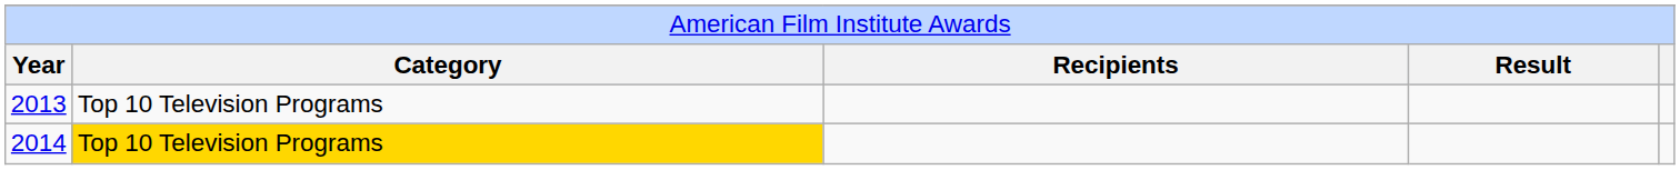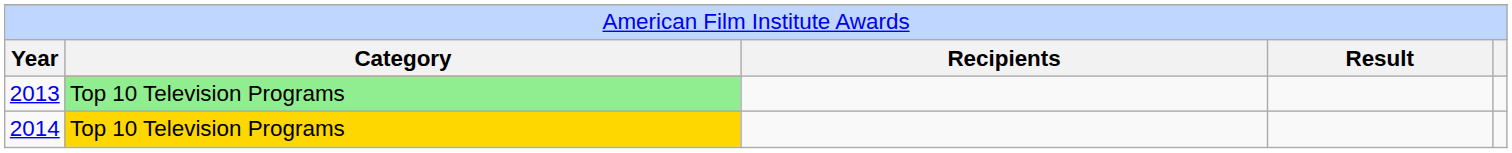 <table class="wikitable plainrowheaders" style="font-size: 100%; width:85%">
 <tr>
 </tr>
 <tr ---- bgcolor="#bfd7ff">
 <td colspan=6 align=center><a href='#'>American Film Institute Awards</a></td>
 </tr>
 <tr ---- bgcolor="#ebf5ff">
 <th scope="col" style="width:2%;">Year</th>
 <th scope="col" style="width:45%;">Category</th>
 <th scope="col" style="width:35%;">Recipients</th>
 <th scope="col" style="width:15%;">Result</th>
 <th scope="col" class="unsortable" style="width:1%;"></th>
 </tr>
 <tr>
 <td style="text-align:center;"><a href='#'>2013</a></td>
-<td>Top 10 Television Programs</td>
+<td style="background: lightgreen;">Top 10 Television Programs</td>
 <td></td>
 <td></td>
 <td style="text-align:center;"></td>
 </tr>
 <tr>
 <td style="text-align:center;"><a href='#'>2014</a></td>
 <td style="background: gold;">Top 10 Television Programs</td>
 <td></td>
 <td></td>
 <td></td>
 </tr>
 </table>
